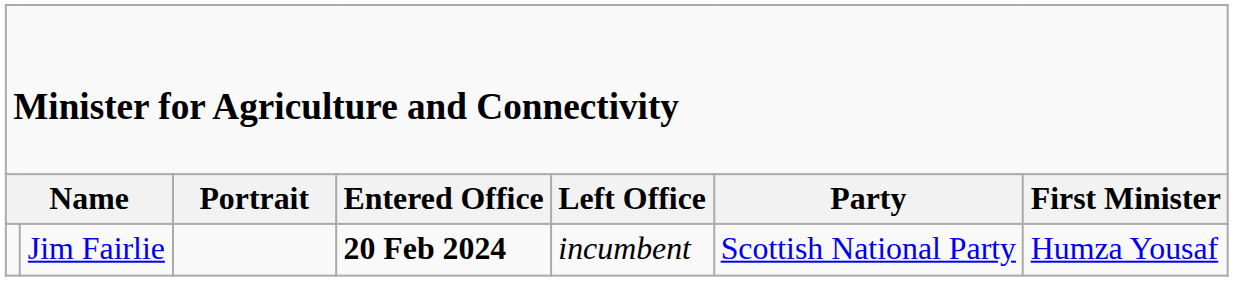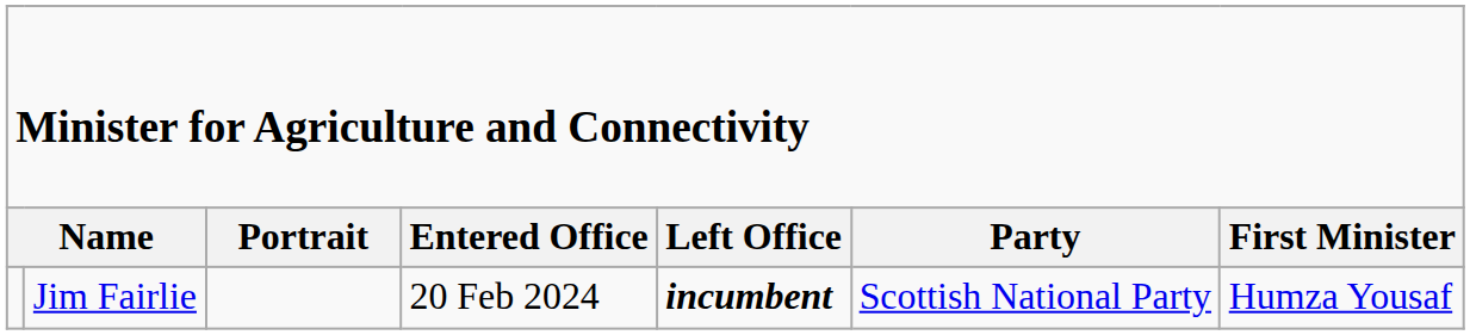 <table class="wikitable" style="margin: 0 0 0 1em; background: #f9f9f9; border: 1px #aaaaaa solid; border-collapse: collapse; ">
 <tr>
 <td colspan="8"><br><h3>Minister for Agriculture and Connectivity</h3></td>
 </tr>
 <tr>
 <th colspan="2">Name</th>
 <th width=75>Portrait</th>
 <th>Entered Office</th>
 <th>Left Office</th>
 <th>Party</th>
 <th>First Minister</th>
 </tr>
 <tr>
 <td></td>
 <td><a href='#'>Jim Fairlie</a></td>
 <td></td>
-<td><strong>20 Feb 2024</strong></td>
-<td><em>incumbent</em></td>
+<td>20 Feb 2024</td>
+<td><strong><em>incumbent</em></strong></td>
 <td><a href='#'>Scottish National Party</a></td>
 <td><a href='#'>Humza Yousaf</a></td>
 </tr>
 </table>
